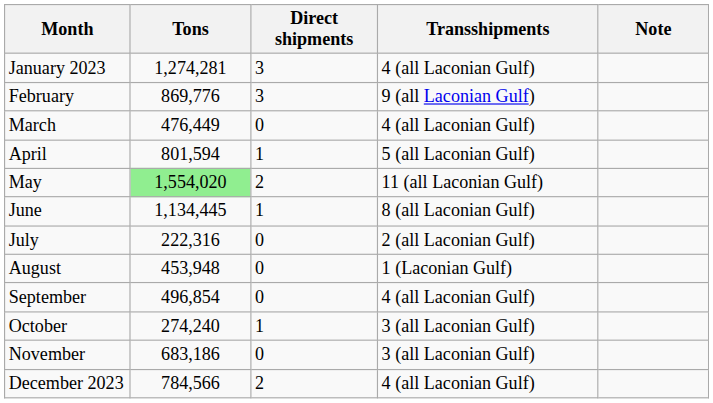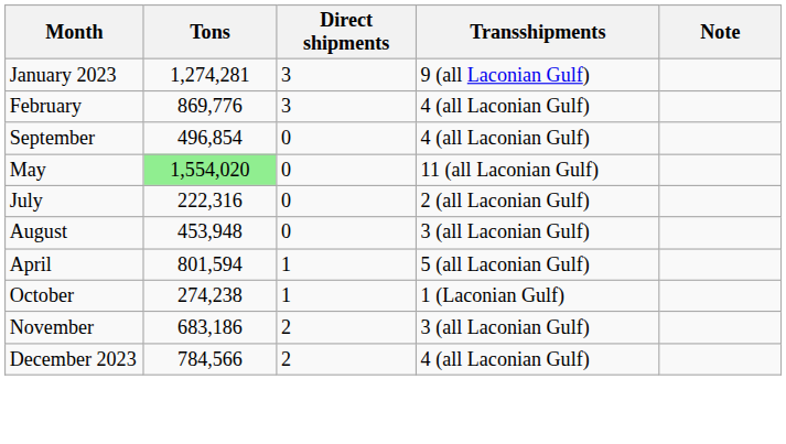 <table class="wikitable sortable" style="margin:auto; width:100%;">
 <tr>
 <th style="text-align:center; width:10%;">Month</th>
 <th style="text-align:center; width:10%;">Tons</th>
 <th style="text-align:center; width:10%;">Direct shipments</th>
 <th style="text-align:center; width:20%;">Transshipments</th>
 <th style="text-align:center; width:10%;">Note</th>
 </tr>
 <tr>
 <td>January 2023</td>
 <td style="text-align:center;">1,274,281</td>
 <td>3</td>
-<td>4 (all Laconian Gulf)</td>
+<td>9 (all <a href='#'>Laconian Gulf</a>)</td>
 <td></td>
 </tr>
 <tr>
 <td>February</td>
 <td style="text-align:center;">869,776</td>
 <td>3</td>
-<td>9 (all <a href='#'>Laconian Gulf</a>)</td>
+<td>4 (all Laconian Gulf)</td>
 <td></td>
 </tr>
 <tr>
-<td>March</td>
-<td style="text-align:center;">476,449</td>
+<td>September</td>
+<td style="text-align:center;">496,854</td>
 <td>0</td>
 <td>4 (all Laconian Gulf)</td>
 <td></td>
 </tr>
 <tr>
-<td>April</td>
-<td style="text-align:center;">801,594</td>
-<td>1</td>
-<td>5 (all Laconian Gulf)</td>
-<td></td>
-</tr>
-<tr>
 <td>May</td>
 <td style="background: lightgreen; text-align:center;">1,554,020</td>
-<td>2</td>
+<td>0</td>
 <td>11 (all Laconian Gulf)</td>
-<td></td>
-</tr>
-<tr>
-<td>June</td>
-<td style="text-align:center;">1,134,445</td>
-<td>1</td>
-<td>8 (all Laconian Gulf)</td>
 <td></td>
 </tr>
 <tr>
 <td>July</td>
 <td style="text-align:center;">222,316</td>
 <td>0</td>
 <td>2 (all Laconian Gulf)</td>
 <td></td>
 </tr>
 <tr>
 <td>August</td>
 <td style="text-align:center;">453,948</td>
 <td>0</td>
-<td>1  (Laconian Gulf)</td>
+<td>3 (all Laconian Gulf)</td>
 <td></td>
 </tr>
 <tr>
-<td>September</td>
-<td style="text-align:center;">496,854</td>
-<td>0</td>
-<td>4 (all Laconian Gulf)</td>
+<td>April</td>
+<td style="text-align:center;">801,594</td>
+<td>1</td>
+<td>5 (all Laconian Gulf)</td>
 <td></td>
 </tr>
 <tr>
 <td>October</td>
-<td style="text-align:center;">274,240</td>
+<td style="text-align:center;">274,238</td>
 <td>1</td>
-<td>3 (all Laconian Gulf)</td>
+<td>1  (Laconian Gulf)</td>
 <td></td>
 </tr>
 <tr>
 <td>November</td>
 <td style="text-align:center;">683,186</td>
-<td>0</td>
+<td>2</td>
 <td>3 (all Laconian Gulf)</td>
 <td></td>
 </tr>
 <tr>
 <td>December 2023</td>
 <td style="text-align:center;">784,566</td>
 <td>2</td>
 <td>4 (all Laconian Gulf)</td>
 <td></td>
 </tr>
 </table>
